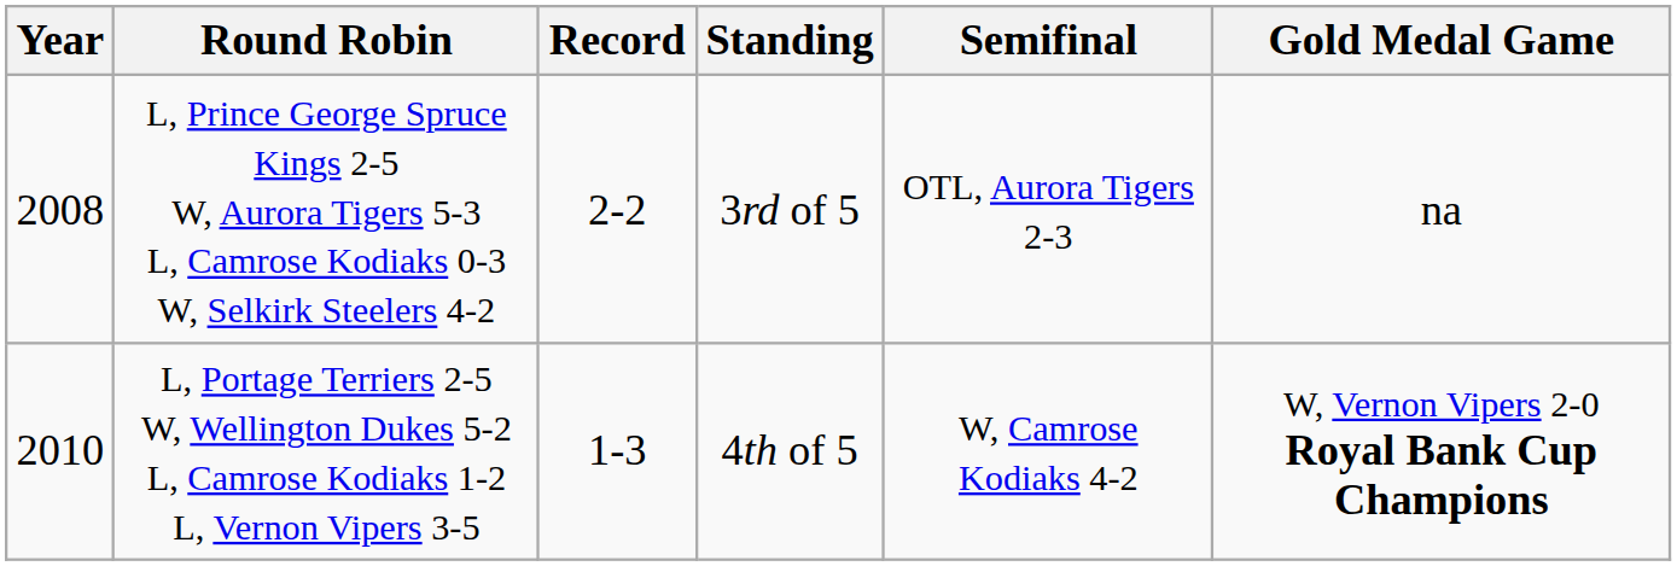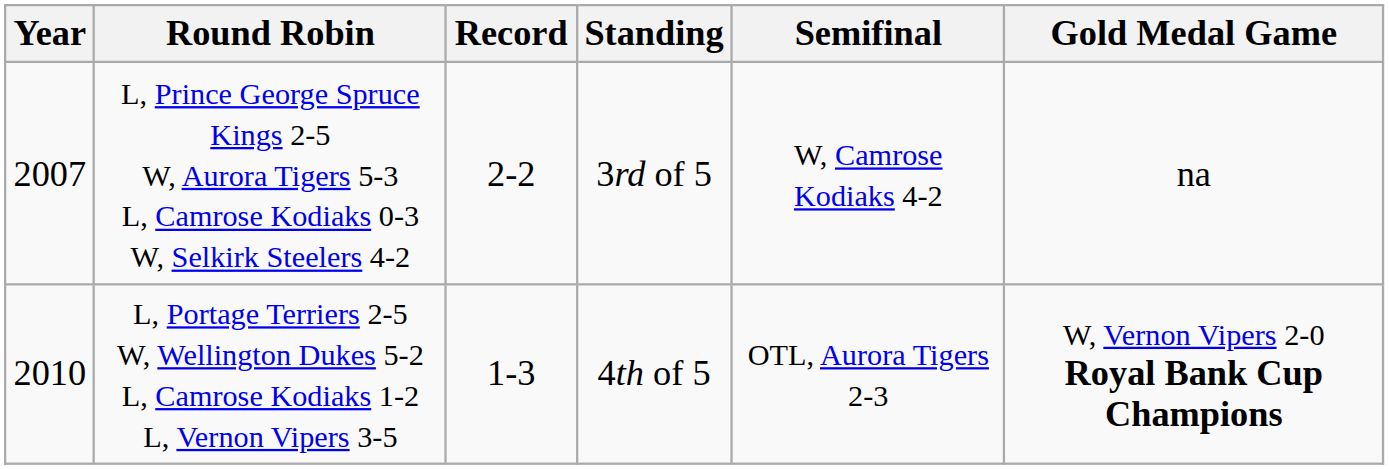 <table class="wikitable" style="text-align:center;">
 <tr>
 <th>Year</th>
 <th>Round Robin</th>
 <th>Record</th>
 <th>Standing</th>
 <th>Semifinal</th>
 <th>Gold Medal Game</th>
 </tr>
 <tr>
-<td>2008</td>
+<td>2007</td>
 <td><small>L, <a href='#'>Prince George Spruce Kings</a>  2-5<br>W, <a href='#'>Aurora Tigers</a> 5-3<br>L, <a href='#'>Camrose Kodiaks</a> 0-3<br>W, <a href='#'>Selkirk Steelers</a> 4-2</small></td>
 <td>2-2</td>
 <td>3<em>rd</em> of 5</td>
-<td><small>OTL, <a href='#'>Aurora Tigers</a> 2-3</small></td>
+<td><small>W, <a href='#'>Camrose Kodiaks</a> 4-2</small></td>
 <td>na</td>
 </tr>
 <tr>
 <td>2010</td>
 <td><small>L, <a href='#'>Portage Terriers</a>  2-5<br>W, <a href='#'>Wellington Dukes</a> 5-2<br>L, <a href='#'>Camrose Kodiaks</a> 1-2<br>L, <a href='#'>Vernon Vipers</a> 3-5</small></td>
 <td>1-3</td>
 <td>4<em>th</em> of 5</td>
-<td><small>W, <a href='#'>Camrose Kodiaks</a> 4-2</small></td>
+<td><small>OTL, <a href='#'>Aurora Tigers</a> 2-3</small></td>
 <td><small>W, <a href='#'>Vernon Vipers</a> 2-0</small><br><strong>Royal Bank Cup Champions</strong></td>
 </tr>
 </table>
